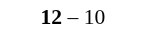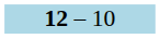 <table style="text-align:center">
 <tr>
 <th width=200></th>
 <th width=100></th>
 <th width=200></th>
 </tr>
 <tr>
 <td align=right><strong></strong></td>
-<td><strong>12</strong> – 10</td>
+<td style="background: lightblue;"><strong>12</strong> – 10</td>
 <td align=left></td>
 </tr>
 </table>
